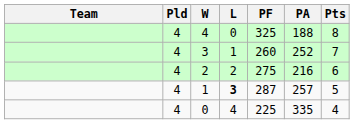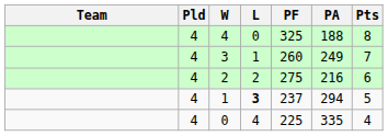 <table class="wikitable" style="text-align:center;">
 <tr>
 <th width=170>Team</th>
 <th width=25>Pld</th>
 <th width=25>W</th>
 <th width=25>L</th>
 <th width=35>PF</th>
 <th width=35>PA</th>
 <th width=25>Pts</th>
 </tr>
 <tr bgcolor=#ccffcc>
 <td align="left"></td>
 <td>4</td>
 <td>4</td>
 <td>0</td>
 <td>325</td>
 <td>188</td>
 <td>8</td>
 </tr>
 <tr bgcolor=#ccffcc>
 <td align="left"></td>
 <td>4</td>
 <td>3</td>
 <td>1</td>
 <td>260</td>
-<td>252</td>
+<td>249</td>
 <td>7</td>
 </tr>
 <tr bgcolor=#ccffcc>
 <td align="left"></td>
 <td>4</td>
 <td>2</td>
 <td>2</td>
 <td>275</td>
 <td>216</td>
 <td>6</td>
 </tr>
 <tr bgcolor=>
 <td align="left"><em></em></td>
 <td>4</td>
 <td>1</td>
 <td><strong>3</strong></td>
-<td>287</td>
-<td>257</td>
+<td>237</td>
+<td>294</td>
 <td>5</td>
 </tr>
 <tr bgcolor=>
 <td align="left"></td>
 <td>4</td>
 <td>0</td>
 <td>4</td>
 <td>225</td>
 <td>335</td>
 <td>4</td>
 </tr>
 </table>
